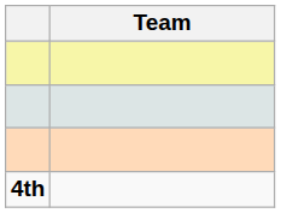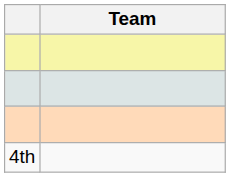 <table class="wikitable" style="text-align:center">
 <tr>
 <th width=20></th>
 <th width=150>Team</th>
 </tr>
 <tr bgcolor="#F7F6A8">
 <td align="center" style="height:23px"></td>
 <td align=left></td>
 </tr>
 <tr bgcolor="#DCE5E5">
 <td align="center" style="height:23px"></td>
 <td align=left></td>
 </tr>
 <tr bgcolor="#FFDAB9">
 <td align="center" style="height:23px"></td>
 <td align=left></td>
 </tr>
 <tr>
-<td><strong>4th</strong></td>
+<td>4th</td>
 <td align=left></td>
 </tr>
 </table>
